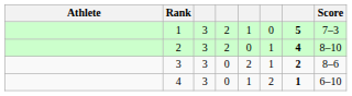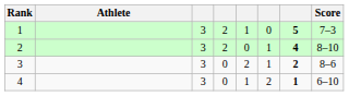 <table class="wikitable" style="text-align: center;">
 <tr>
+<th width=25>Rank</th>
 <th width=225>Athlete</th>
-<th width=25>Rank</th>
 <th width=25></th>
 <th width=25></th>
 <th width=25></th>
 <th width=25></th>
 <th width=40></th>
 <th width=40>Score</th>
 </tr>
 <tr bgcolor=ccffcc>
+<td>1</td>
 <td align=left></td>
-<td>1</td>
 <td>3</td>
 <td>2</td>
 <td>1</td>
 <td>0</td>
 <td><strong>5</strong></td>
 <td>7–3</td>
 </tr>
 <tr bgcolor=ccffcc>
+<td>2</td>
 <td align=left></td>
-<td>2</td>
 <td>3</td>
 <td>2</td>
 <td>0</td>
 <td>1</td>
 <td><strong>4</strong></td>
 <td>8–10</td>
 </tr>
 <tr>
+<td>3</td>
 <td align=left></td>
-<td>3</td>
 <td>3</td>
 <td>0</td>
 <td>2</td>
 <td>1</td>
 <td><strong>2</strong></td>
 <td>8–6</td>
 </tr>
 <tr>
+<td>4</td>
 <td align=left></td>
-<td>4</td>
 <td>3</td>
 <td>0</td>
 <td>1</td>
 <td>2</td>
 <td><strong>1</strong></td>
 <td>6–10</td>
 </tr>
 </table>
